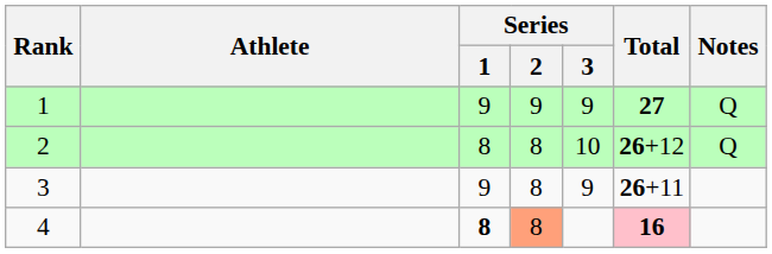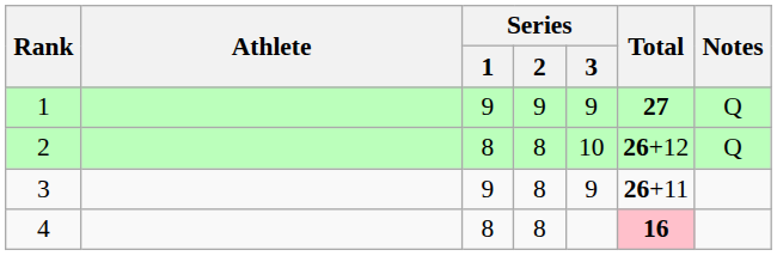 <table class="wikitable" style="text-align:center">
 <tr>
 <th rowspan=2 width=40>Rank</th>
 <th rowspan=2 width=230>Athlete</th>
 <th colspan="3">Series</th>
 <th rowspan=2 width=40>Total</th>
 <th rowspan=2 width=40>Notes</th>
 </tr>
 <tr>
 <th width=25>1</th>
 <th width=25>2</th>
 <th width=25>3</th>
 </tr>
 <tr bgcolor=bbffbb>
 <td>1</td>
 <td align=left></td>
 <td>9</td>
 <td>9</td>
 <td>9</td>
 <td><strong>27</strong></td>
 <td>Q</td>
 </tr>
 <tr bgcolor=bbffbb>
 <td>2</td>
 <td align=left></td>
 <td>8</td>
 <td>8</td>
 <td>10</td>
 <td><strong>26</strong>+12</td>
 <td>Q</td>
 </tr>
 <tr>
 <td>3</td>
 <td align=left></td>
 <td>9</td>
 <td>8</td>
 <td>9</td>
 <td><strong>26</strong>+11</td>
 <td></td>
 </tr>
 <tr>
 <td>4</td>
 <td align=left></td>
-<td><strong>8</strong></td>
-<td style="background: lightsalmon;">8</td>
+<td>8</td>
+<td>8</td>
 <td></td>
 <td style="background: pink;"><strong>16</strong></td>
 <td></td>
 </tr>
 </table>
